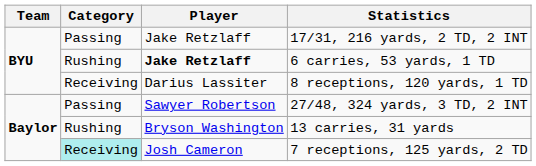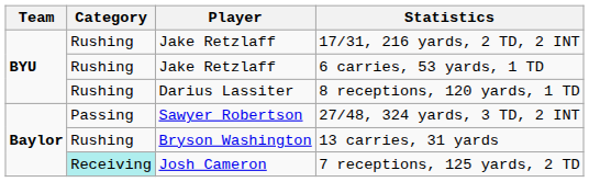 <table class="wikitable" style="float: right;">
 <tr>
 <th>Team</th>
 <th>Category</th>
 <th>Player</th>
 <th>Statistics</th>
 </tr>
 <tr>
 <td rowspan=3><strong>BYU</strong></td>
-<td>Passing</td>
+<td>Rushing</td>
 <td>Jake Retzlaff</td>
 <td>17/31, 216 yards, 2 TD, 2 INT</td>
 </tr>
 <tr>
 <td>Rushing</td>
-<td><strong>Jake Retzlaff</strong></td>
+<td>Jake Retzlaff</td>
 <td>6 carries, 53 yards, 1 TD</td>
 </tr>
 <tr>
-<td>Receiving</td>
+<td>Rushing</td>
 <td>Darius Lassiter</td>
 <td>8 receptions, 120 yards, 1 TD</td>
 </tr>
 <tr>
 <td rowspan=3><strong>Baylor</strong></td>
 <td>Passing</td>
 <td><a href='#'>Sawyer Robertson</a></td>
 <td>27/48, 324 yards, 3 TD, 2 INT</td>
 </tr>
 <tr>
 <td>Rushing</td>
 <td><a href='#'>Bryson Washington</a></td>
 <td>13 carries, 31 yards</td>
 </tr>
 <tr>
 <td style="background: paleturquoise;">Receiving</td>
 <td><a href='#'>Josh Cameron</a></td>
 <td>7 receptions, 125 yards, 2 TD</td>
 </tr>
 </table>
